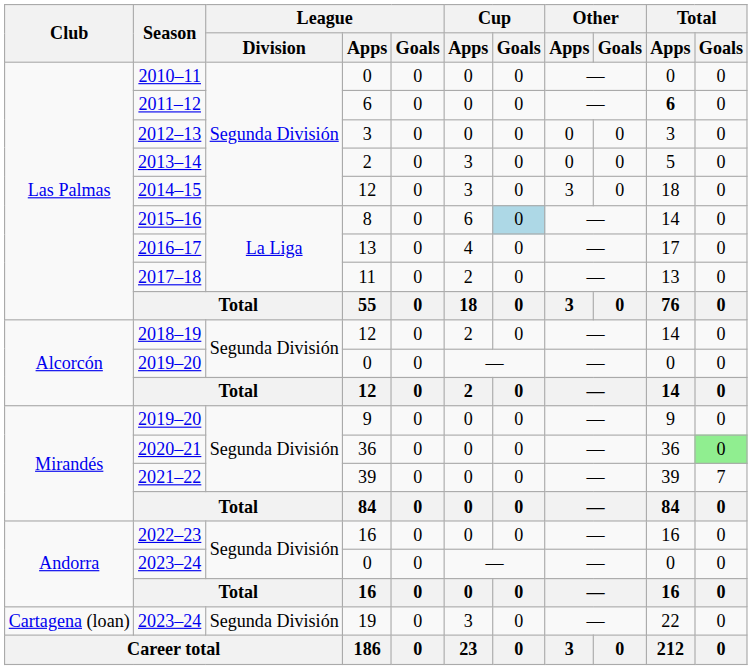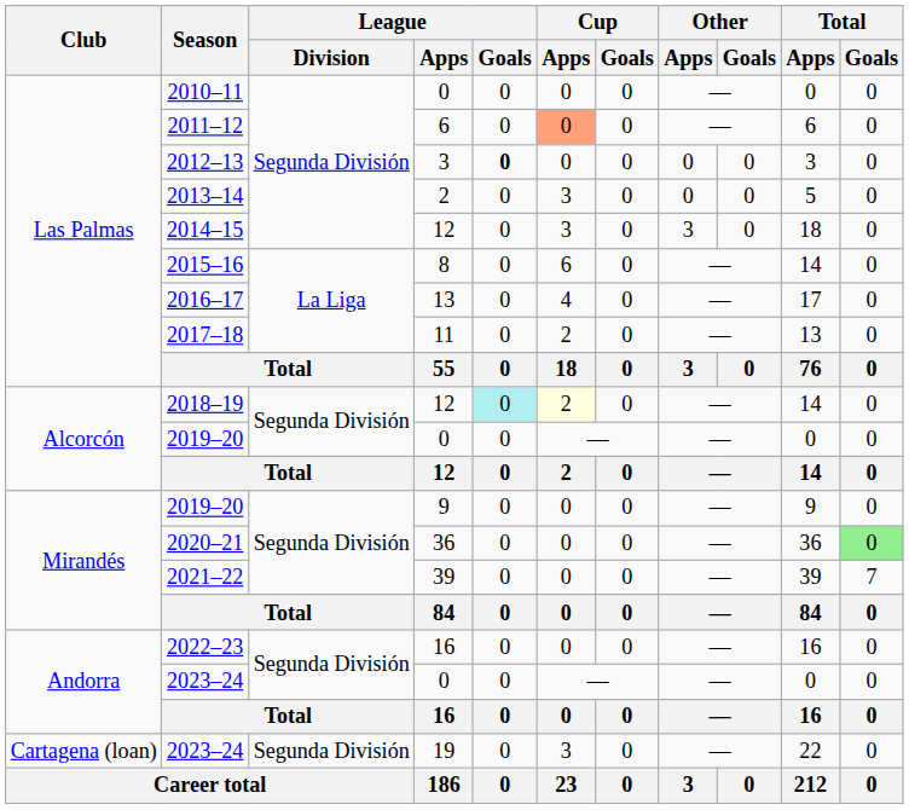 <table class="wikitable", style="text-align:center">
 <tr>
 <th rowspan="2">Club</th>
 <th rowspan="2">Season</th>
 <th colspan="3">League</th>
 <th colspan="2">Cup</th>
 <th colspan="2">Other</th>
 <th colspan="2">Total</th>
 </tr>
 <tr>
 <th>Division</th>
 <th>Apps</th>
 <th>Goals</th>
 <th>Apps</th>
 <th>Goals</th>
 <th>Apps</th>
 <th>Goals</th>
 <th>Apps</th>
 <th>Goals</th>
 </tr>
 <tr>
 <td rowspan="9"><a href='#'>Las Palmas</a></td>
 <td><a href='#'>2010–11</a></td>
 <td rowspan="5"><a href='#'>Segunda División</a></td>
 <td>0</td>
 <td>0</td>
 <td>0</td>
 <td>0</td>
 <td colspan="2">—</td>
 <td>0</td>
 <td>0</td>
 </tr>
 <tr>
 <td><a href='#'>2011–12</a></td>
 <td>6</td>
 <td>0</td>
-<td>0</td>
+<td style="background: lightsalmon;">0</td>
 <td>0</td>
 <td colspan="2">—</td>
-<td><strong>6</strong></td>
+<td>6</td>
 <td>0</td>
 </tr>
 <tr>
 <td><a href='#'>2012–13</a></td>
 <td>3</td>
-<td>0</td>
+<td><strong>0</strong></td>
 <td>0</td>
 <td>0</td>
 <td>0</td>
 <td>0</td>
 <td>3</td>
 <td>0</td>
 </tr>
 <tr>
 <td><a href='#'>2013–14</a></td>
 <td>2</td>
 <td>0</td>
 <td>3</td>
 <td>0</td>
 <td>0</td>
 <td>0</td>
 <td>5</td>
 <td>0</td>
 </tr>
 <tr>
 <td><a href='#'>2014–15</a></td>
 <td>12</td>
 <td>0</td>
 <td>3</td>
 <td>0</td>
 <td>3</td>
 <td>0</td>
 <td>18</td>
 <td>0</td>
 </tr>
 <tr>
 <td><a href='#'>2015–16</a></td>
 <td rowspan="3"><a href='#'>La Liga</a></td>
 <td>8</td>
 <td>0</td>
 <td>6</td>
-<td style="background: lightblue;">0</td>
+<td>0</td>
 <td colspan="2">—</td>
 <td>14</td>
 <td>0</td>
 </tr>
 <tr>
 <td><a href='#'>2016–17</a></td>
 <td>13</td>
 <td>0</td>
 <td>4</td>
 <td>0</td>
 <td colspan="2">—</td>
 <td>17</td>
 <td>0</td>
 </tr>
 <tr>
 <td><a href='#'>2017–18</a></td>
 <td>11</td>
 <td>0</td>
 <td>2</td>
 <td>0</td>
 <td colspan="2">—</td>
 <td>13</td>
 <td>0</td>
 </tr>
 <tr>
 <th colspan="2">Total</th>
 <th>55</th>
 <th>0</th>
 <th>18</th>
 <th>0</th>
 <th>3</th>
 <th>0</th>
 <th>76</th>
 <th>0</th>
 </tr>
 <tr>
 <td rowspan="3"><a href='#'>Alcorcón</a></td>
 <td><a href='#'>2018–19</a></td>
 <td rowspan="2">Segunda División</td>
 <td>12</td>
-<td>0</td>
-<td>2</td>
+<td style="background: paleturquoise;">0</td>
+<td style="background: lightyellow;">2</td>
 <td>0</td>
 <td colspan="2">—</td>
 <td>14</td>
 <td>0</td>
 </tr>
 <tr>
 <td><a href='#'>2019–20</a></td>
 <td>0</td>
 <td>0</td>
 <td colspan="2">—</td>
 <td colspan="2">—</td>
 <td>0</td>
 <td>0</td>
 </tr>
 <tr>
 <th colspan="2">Total</th>
 <th>12</th>
 <th>0</th>
 <th>2</th>
 <th>0</th>
 <th colspan="2">—</th>
 <th>14</th>
 <th>0</th>
 </tr>
 <tr>
 <td rowspan="4"><a href='#'>Mirandés</a></td>
 <td><a href='#'>2019–20</a></td>
 <td rowspan="3">Segunda División</td>
 <td>9</td>
 <td>0</td>
 <td>0</td>
 <td>0</td>
 <td colspan="2">—</td>
 <td>9</td>
 <td>0</td>
 </tr>
 <tr>
 <td><a href='#'>2020–21</a></td>
 <td>36</td>
 <td>0</td>
 <td>0</td>
 <td>0</td>
 <td colspan="2">—</td>
 <td>36</td>
 <td style="background: lightgreen;">0</td>
 </tr>
 <tr>
 <td><a href='#'>2021–22</a></td>
 <td>39</td>
 <td>0</td>
 <td>0</td>
 <td>0</td>
 <td colspan="2">—</td>
 <td>39</td>
 <td>7</td>
 </tr>
 <tr>
 <th colspan="2">Total</th>
 <th>84</th>
 <th>0</th>
 <th>0</th>
 <th>0</th>
 <th colspan="2">—</th>
 <th>84</th>
 <th>0</th>
 </tr>
 <tr>
 <td rowspan="3"><a href='#'>Andorra</a></td>
 <td><a href='#'>2022–23</a></td>
 <td rowspan="2">Segunda División</td>
 <td>16</td>
 <td>0</td>
 <td>0</td>
 <td>0</td>
 <td colspan="2">—</td>
 <td>16</td>
 <td>0</td>
 </tr>
 <tr>
 <td><a href='#'>2023–24</a></td>
 <td>0</td>
 <td>0</td>
 <td colspan="2">—</td>
 <td colspan="2">—</td>
 <td>0</td>
 <td>0</td>
 </tr>
 <tr>
 <th colspan="2">Total</th>
 <th>16</th>
 <th>0</th>
 <th>0</th>
 <th>0</th>
 <th colspan="2">—</th>
 <th>16</th>
 <th>0</th>
 </tr>
 <tr>
 <td><a href='#'>Cartagena</a> (loan)</td>
 <td><a href='#'>2023–24</a></td>
 <td>Segunda División</td>
 <td>19</td>
 <td>0</td>
 <td>3</td>
 <td>0</td>
 <td colspan="2">—</td>
 <td>22</td>
 <td>0</td>
 </tr>
 <tr>
 <th colspan="3">Career total</th>
 <th>186</th>
 <th>0</th>
 <th>23</th>
 <th>0</th>
 <th>3</th>
 <th>0</th>
 <th>212</th>
 <th>0</th>
 </tr>
 </table>
